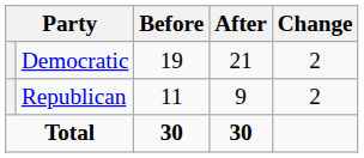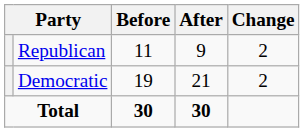 <table class="wikitable" style="text-align:center;">
 <tr>
 <th colspan="2">Party</th>
 <th>Before</th>
 <th>After</th>
 <th>Change</th>
 </tr>
 <tr>
 <th style="background-color:"></th>
-<td style="text-align:left;"><a href='#'>Democratic</a></td>
-<td>19</td>
-<td>21</td>
+<td style="text-align:left;"><a href='#'>Republican</a></td>
+<td>11</td>
+<td>9</td>
 <td> 2</td>
 </tr>
 <tr>
 <th style="background-color:"></th>
-<td style="text-align:left;"><a href='#'>Republican</a></td>
-<td>11</td>
-<td>9</td>
+<td style="text-align:left;"><a href='#'>Democratic</a></td>
+<td>19</td>
+<td>21</td>
 <td> 2</td>
 </tr>
 <tr>
 <td colspan="2"><strong>Total</strong></td>
 <td><strong>30</strong></td>
 <td><strong>30</strong></td>
 <td></td>
 </tr>
 </table>
